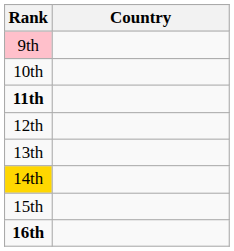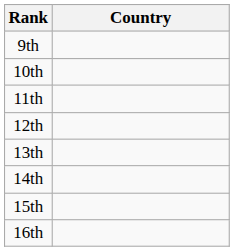 <table class="wikitable gauche" style="text-align:center;'">
 <tr>
 <th scope=col>Rank</th>
 <th scope=col style="width:160px;">Country</th>
 </tr>
 <tr>
-<td style="background: pink;">9th</td>
+<td>9th</td>
 <td align=left></td>
 </tr>
 <tr>
 <td>10th</td>
 <td align=left></td>
 </tr>
 <tr>
-<td><strong>11th</strong></td>
+<td>11th</td>
 <td align=left></td>
 </tr>
 <tr>
 <td>12th</td>
 <td align=left></td>
 </tr>
 <tr>
 <td>13th</td>
 <td align=left></td>
 </tr>
 <tr>
-<td style="background: gold;">14th</td>
+<td>14th</td>
 <td align=left></td>
 </tr>
 <tr>
 <td>15th</td>
 <td align=left></td>
 </tr>
 <tr>
-<td><strong>16th</strong></td>
+<td>16th</td>
 <td align=left></td>
 </tr>
 </table>
